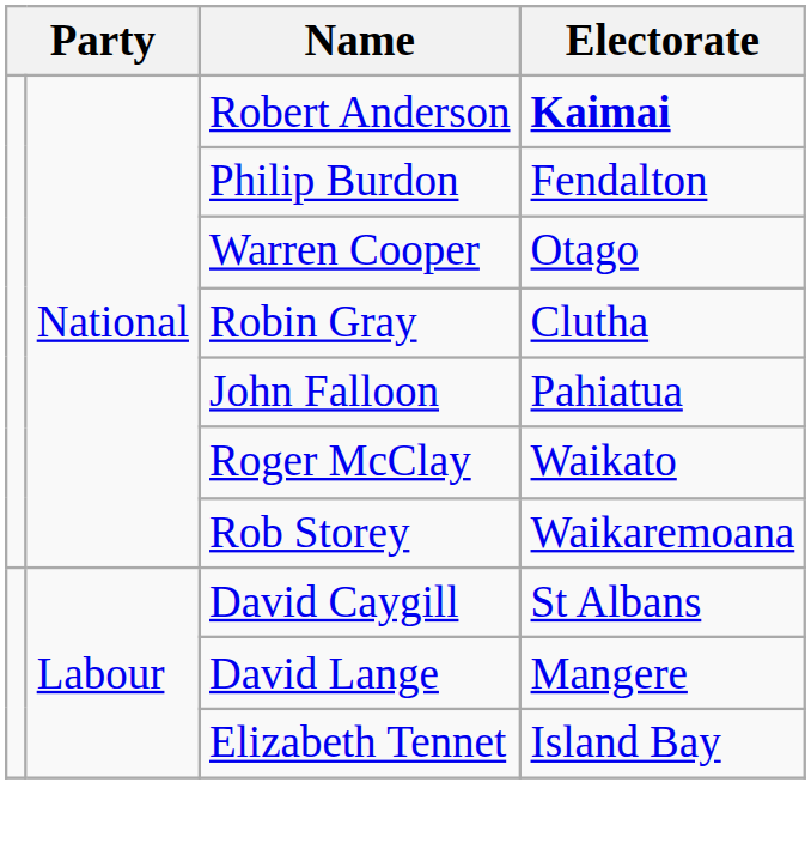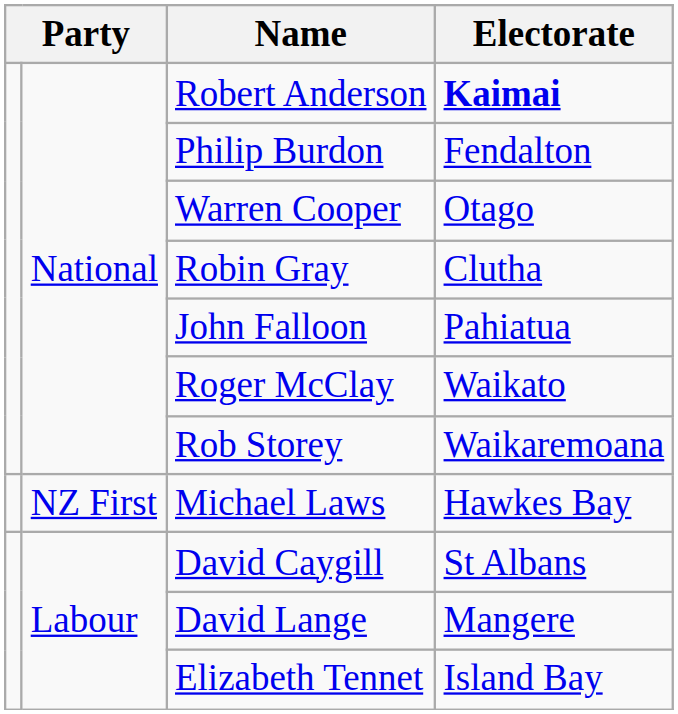 <table class="wikitable">
 <tr>
 <th colspan=2>Party</th>
 <th>Name</th>
 <th>Electorate</th>
 </tr>
 <tr>
 <td rowspan=7 style="background-color: "></td>
 <td rowspan=7><a href='#'>National</a></td>
 <td><a href='#'>Robert Anderson</a></td>
 <td><strong><a href='#'>Kaimai</a></strong></td>
 </tr>
 <tr>
 <td><a href='#'>Philip Burdon</a></td>
 <td><a href='#'>Fendalton</a></td>
 </tr>
 <tr>
 <td><a href='#'>Warren Cooper</a></td>
 <td><a href='#'>Otago</a></td>
 </tr>
 <tr>
 <td><a href='#'>Robin Gray</a></td>
 <td><a href='#'>Clutha</a></td>
 </tr>
 <tr>
 <td><a href='#'>John Falloon</a></td>
 <td><a href='#'>Pahiatua</a></td>
 </tr>
 <tr>
 <td><a href='#'>Roger McClay</a></td>
 <td><a href='#'>Waikato</a></td>
 </tr>
 <tr>
 <td><a href='#'>Rob Storey</a></td>
 <td><a href='#'>Waikaremoana</a></td>
 </tr>
 <tr>
+<td style="background-color: "></td>
+<td><a href='#'>NZ First</a></td>
+<td><a href='#'>Michael Laws</a></td>
+<td><a href='#'>Hawkes Bay</a></td>
+</tr>
+<tr>
 <td rowspan=3 style="background-color: "></td>
 <td rowspan=3><a href='#'>Labour</a></td>
 <td><a href='#'>David Caygill</a></td>
 <td><a href='#'>St Albans</a></td>
 </tr>
 <tr>
 <td><a href='#'>David Lange</a></td>
 <td><a href='#'>Mangere</a></td>
 </tr>
 <tr>
 <td><a href='#'>Elizabeth Tennet</a></td>
 <td><a href='#'>Island Bay</a></td>
 </tr>
 </table>
